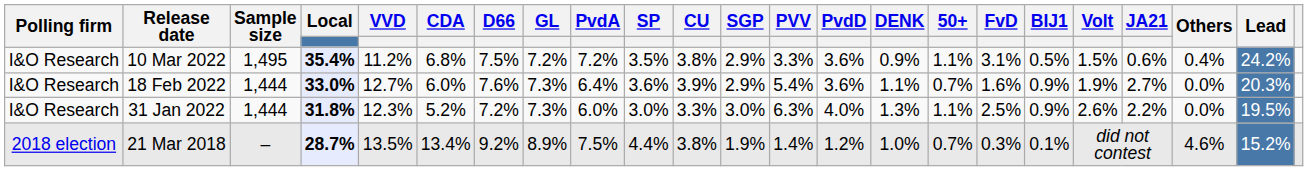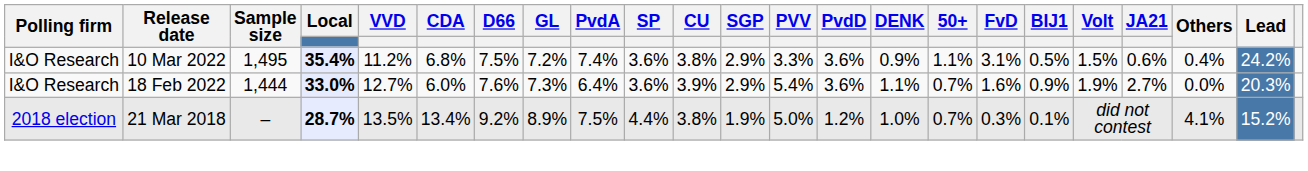 <table class="wikitable sortable tpl-blanktable" style="text-align:center;font-size:90%;line-height:14px;">
 <tr>
 <th rowspan="2">Polling firm</th>
 <th rowspan="2">Release<br>date</th>
 <th rowspan="2">Sample<br>size</th>
 <th class="unsortable" style="width:30px;">Local</th>
 <th class="unsortable" style="width:30px;"><a href='#'>VVD</a></th>
 <th class="unsortable" style="width:30px;"><a href='#'>CDA</a></th>
 <th class="unsortable" style="width:30px;"><a href='#'>D66</a></th>
 <th class="unsortable" style="width:30px;"><a href='#'>GL</a></th>
 <th class="unsortable" style="width:30px;"><a href='#'>PvdA</a></th>
 <th class="unsortable" style="width:30px;"><a href='#'>SP</a></th>
 <th class="unsortable" style="width:30px;"><a href='#'>CU</a></th>
 <th class="unsortable" style="width:30px;"><a href='#'>SGP</a></th>
 <th class="unsortable" style="width:30px;"><a href='#'>PVV</a></th>
 <th class="unsortable" style="width:30px;"><a href='#'>PvdD</a></th>
 <th class="unsortable" style="width:30px;"><a href='#'>DENK</a></th>
 <th class="unsortable" style="width:30px;"><a href='#'>50+</a></th>
 <th class="unsortable" style="width:30px;"><a href='#'>FvD</a></th>
 <th class="unsortable" style="width:30px;"><a href='#'>BIJ1</a></th>
 <th class="unsortable" style="width:30px;"><a href='#'>Volt</a></th>
 <th class="unsortable" style="width:30px;"><a href='#'>JA21</a></th>
 <th class="unsortable" style="width:30px;" rowspan="2">Others</th>
 <th rowspan="2">Lead</th>
 <th rowspan="2" class="unsortable"></th>
 </tr>
 <tr>
 <th data-sort-type="number" style="background:#4878a8;"></th>
 <th data-sort-type="number" style="background:"></th>
 <th data-sort-type="number" style="background:"></th>
 <th data-sort-type="number" style="background:"></th>
 <th data-sort-type="number" style="background:"></th>
 <th data-sort-type="number" style="background:"></th>
 <th data-sort-type="number" style="background:"></th>
 <th data-sort-type="number" style="background:"></th>
 <th data-sort-type="number" style="background:"></th>
 <th data-sort-type="number" style="background:"></th>
 <th data-sort-type="number" style="background:"></th>
 <th data-sort-type="number" style="background:"></th>
 <th data-sort-type="number" style="background:"></th>
 <th data-sort-type="number" style="background:"></th>
 <th data-sort-type="number" style="background:"></th>
 <th data-sort-type="number" style="background:"></th>
 <th data-sort-type="number" style="background:"></th>
 </tr>
 <tr>
 <td>I&O Research</td>
 <td data-sort-value="2022-03-10">10 Mar 2022</td>
 <td>1,495</td>
 <td style="background:#e7ebfe;"><strong>35.4%</strong></td>
 <td>11.2%</td>
 <td>6.8%</td>
 <td>7.5%</td>
 <td>7.2%</td>
-<td>7.2%</td>
-<td>3.5%</td>
+<td>7.4%</td>
+<td>3.6%</td>
 <td>3.8%</td>
 <td>2.9%</td>
 <td>3.3%</td>
 <td>3.6%</td>
 <td>0.9%</td>
 <td>1.1%</td>
 <td>3.1%</td>
 <td>0.5%</td>
 <td>1.5%</td>
 <td>0.6%</td>
 <td>0.4%</td>
 <td style="background:#4878a8;color:#FFFFFF;">24.2%</td>
 <td></td>
 </tr>
 <tr>
 <td>I&O Research</td>
 <td data-sort-value="2022-02-18">18 Feb 2022</td>
 <td>1,444</td>
 <td style="background:#e7ebfe;"><strong>33.0%</strong></td>
 <td>12.7%</td>
 <td>6.0%</td>
 <td>7.6%</td>
 <td>7.3%</td>
 <td>6.4%</td>
 <td>3.6%</td>
 <td>3.9%</td>
 <td>2.9%</td>
 <td>5.4%</td>
 <td>3.6%</td>
 <td>1.1%</td>
 <td>0.7%</td>
 <td>1.6%</td>
 <td>0.9%</td>
 <td>1.9%</td>
 <td>2.7%</td>
 <td>0.0%</td>
 <td style="background:#4878a8;color:#FFFFFF;">20.3%</td>
 <td></td>
 </tr>
-<tr>
-<td>I&O Research</td>
-<td data-sort-value="2022-01-31">31 Jan 2022</td>
-<td>1,444</td>
-<td style="background:#e7ebfe;"><strong>31.8%</strong></td>
-<td>12.3%</td>
-<td>5.2%</td>
-<td>7.2%</td>
-<td>7.3%</td>
-<td>6.0%</td>
-<td>3.0%</td>
-<td>3.3%</td>
-<td>3.0%</td>
-<td>6.3%</td>
-<td>4.0%</td>
-<td>1.3%</td>
-<td>1.1%</td>
-<td>2.5%</td>
-<td>0.9%</td>
-<td>2.6%</td>
-<td>2.2%</td>
-<td>0.0%</td>
-<td style="background:#4878a8;color:#FFFFFF;">19.5%</td>
-<td></td>
-</tr>
 <tr style="background:#E9E9E9;">
 <td><a href='#'>2018 election</a></td>
 <td data-sort-value="2018-03-21">21 Mar 2018</td>
 <td>–</td>
 <td style="background:#e7ebfe;"><strong>28.7%</strong></td>
 <td>13.5%</td>
 <td>13.4%</td>
 <td>9.2%</td>
 <td>8.9%</td>
 <td>7.5%</td>
 <td>4.4%</td>
 <td>3.8%</td>
 <td>1.9%</td>
-<td>1.4%</td>
+<td>5.0%</td>
 <td>1.2%</td>
 <td>1.0%</td>
 <td>0.7%</td>
 <td>0.3%</td>
 <td>0.1%</td>
 <td colspan=2><em>did not contest</em></td>
-<td>4.6%</td>
+<td>4.1%</td>
 <td style="background:#4878a8;color:#FFFFFF;">15.2%</td>
 <td></td>
 </tr>
 </table>
